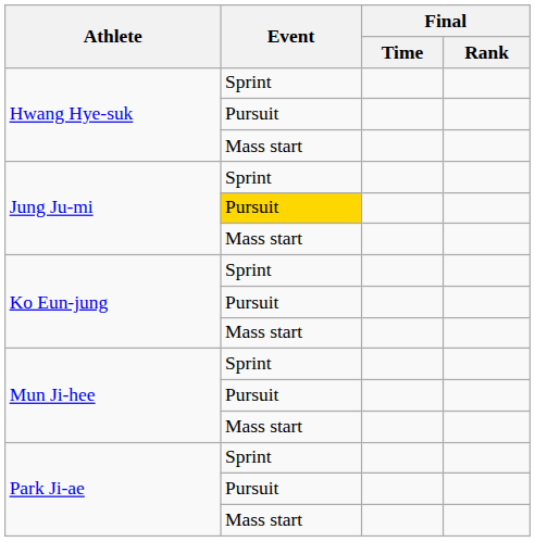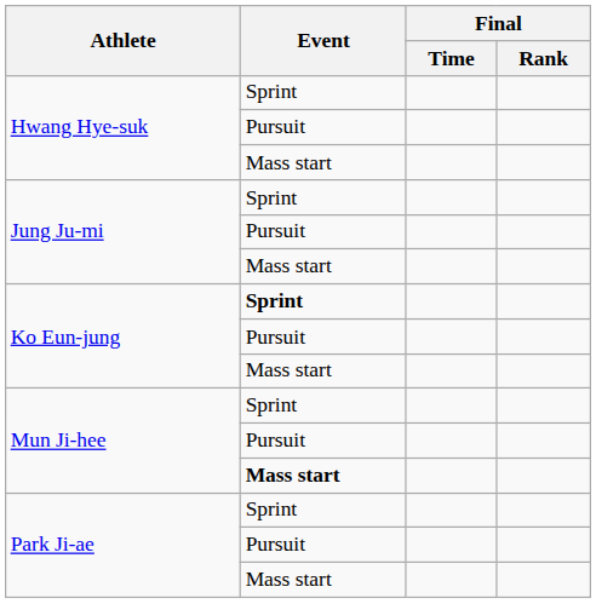 <table class="wikitable" style="font-size:90%; text-align:center; width:400px;">
 <tr>
 <th rowspan="2">Athlete</th>
 <th rowspan="2">Event</th>
 <th colspan="2">Final</th>
 </tr>
 <tr>
 <th>Time</th>
 <th>Rank</th>
 </tr>
 <tr>
 <td align=left rowspan=3><a href='#'>Hwang Hye-suk</a></td>
 <td align=left>Sprint</td>
 <td></td>
 <td></td>
 </tr>
 <tr>
 <td align=left>Pursuit</td>
 <td></td>
 <td></td>
 </tr>
 <tr>
 <td align=left>Mass start</td>
 <td></td>
 <td></td>
 </tr>
 <tr>
 <td align=left rowspan=3><a href='#'>Jung Ju-mi</a></td>
 <td align=left>Sprint</td>
 <td></td>
 <td></td>
 </tr>
 <tr>
-<td align=left style="background: gold;">Pursuit</td>
+<td align=left>Pursuit</td>
 <td></td>
 <td></td>
 </tr>
 <tr>
 <td align=left>Mass start</td>
 <td></td>
 <td></td>
 </tr>
 <tr>
 <td align=left rowspan=3><a href='#'>Ko Eun-jung</a></td>
-<td align=left>Sprint</td>
+<td align=left><strong>Sprint</strong></td>
 <td></td>
 <td></td>
 </tr>
 <tr>
 <td align=left>Pursuit</td>
 <td></td>
 <td></td>
 </tr>
 <tr>
 <td align=left>Mass start</td>
 <td></td>
 <td></td>
 </tr>
 <tr>
 <td align=left rowspan=3><a href='#'>Mun Ji-hee</a></td>
 <td align=left>Sprint</td>
 <td></td>
 <td></td>
 </tr>
 <tr>
 <td align=left>Pursuit</td>
 <td></td>
 <td></td>
 </tr>
 <tr>
-<td align=left>Mass start</td>
+<td align=left><strong>Mass start</strong></td>
 <td></td>
 <td></td>
 </tr>
 <tr>
 <td align=left rowspan=3><a href='#'>Park Ji-ae</a></td>
 <td align=left>Sprint</td>
 <td></td>
 <td></td>
 </tr>
 <tr>
 <td align=left>Pursuit</td>
 <td></td>
 <td></td>
 </tr>
 <tr>
 <td align=left>Mass start</td>
 <td></td>
 <td></td>
 </tr>
 </table>
